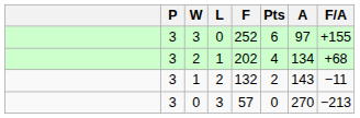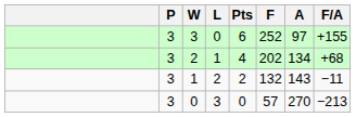 <table class=wikitable style="text-align:center">
 <tr>
 <th width=175></th>
 <th width=20>P</th>
 <th width=20>W</th>
 <th width=20>L</th>
+<th width=20>Pts</th>
 <th width=20>F</th>
-<th width=20>Pts</th>
 <th width=20>A</th>
 <th width=20>F/A</th>
 </tr>
 <tr style="background-color:#ccffcc;">
 <td style="text-align:left;"></td>
 <td>3</td>
 <td>3</td>
 <td>0</td>
+<td>6</td>
 <td>252</td>
-<td>6</td>
 <td>97</td>
 <td>+155</td>
 </tr>
 <tr style="background-color:#ccffcc;">
 <td style="text-align:left;"></td>
 <td>3</td>
 <td>2</td>
 <td>1</td>
+<td>4</td>
 <td>202</td>
-<td>4</td>
 <td>134</td>
 <td>+68</td>
 </tr>
 <tr>
 <td style="text-align:left;"></td>
 <td>3</td>
 <td>1</td>
 <td>2</td>
+<td>2</td>
 <td>132</td>
-<td>2</td>
 <td>143</td>
 <td>−11</td>
 </tr>
 <tr>
 <td style="text-align:left;"></td>
 <td>3</td>
 <td>0</td>
 <td>3</td>
+<td>0</td>
 <td>57</td>
-<td>0</td>
 <td>270</td>
 <td>−213</td>
 </tr>
 </table>
